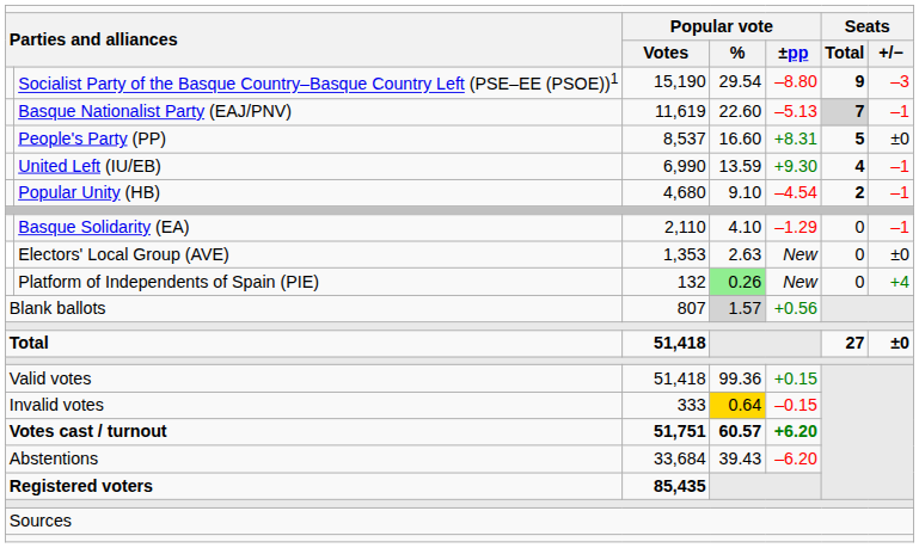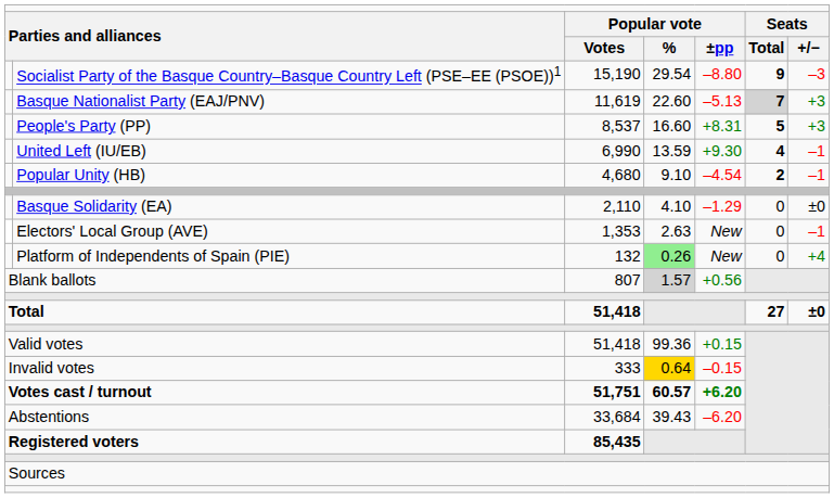 <table class="wikitable" style="text-align:right;">
 <tr>
 <td colspan="7"></td>
 </tr>
 <tr>
 <th style="text-align:left;" rowspan="2" colspan="2" width="525">Parties and alliances</th>
 <th colspan="3">Popular vote</th>
 <th colspan="2">Seats</th>
 </tr>
 <tr>
 <th width="75">Votes</th>
 <th width="45">%</th>
 <th width="45">±<a href='#'>pp</a></th>
 <th width="35">Total</th>
 <th width="35">+/−</th>
 </tr>
 <tr>
 <td width="1" style="color:inherit;background:"></td>
 <td align="left"><a href='#'>Socialist Party of the Basque Country–Basque Country Left</a> (PSE–EE (PSOE))<sup>1</sup></td>
 <td>15,190</td>
 <td>29.54</td>
 <td style="color:red;">–8.80</td>
 <td><strong>9</strong></td>
 <td style="color:red;">–3</td>
 </tr>
 <tr>
 <td style="color:inherit;background:"></td>
 <td align="left"><a href='#'>Basque Nationalist Party</a> (EAJ/PNV)</td>
 <td>11,619</td>
 <td>22.60</td>
 <td style="color:red;">–5.13</td>
 <td style="background: lightgrey;"><strong>7</strong></td>
-<td style="color:red;">–1</td>
+<td style="color:green;">+3</td>
 </tr>
 <tr>
 <td style="color:inherit;background:"></td>
 <td align="left"><a href='#'>People's Party</a> (PP)</td>
 <td>8,537</td>
 <td>16.60</td>
 <td style="color:green;">+8.31</td>
 <td><strong>5</strong></td>
-<td>±0</td>
+<td style="color:green;">+3</td>
 </tr>
 <tr>
 <td style="color:inherit;background:"></td>
 <td align="left"><a href='#'>United Left</a> (IU/EB)</td>
 <td>6,990</td>
 <td>13.59</td>
 <td style="color:green;">+9.30</td>
 <td><strong>4</strong></td>
 <td style="color:red;">–1</td>
 </tr>
 <tr>
 <td style="color:inherit;background:"></td>
 <td align="left"><a href='#'>Popular Unity</a> (HB)</td>
 <td>4,680</td>
 <td>9.10</td>
 <td style="color:red;">–4.54</td>
 <td><strong>2</strong></td>
 <td style="color:red;">–1</td>
 </tr>
 <tr>
 <td colspan="7" bgcolor="#C0C0C0"></td>
 </tr>
 <tr>
 <td style="color:inherit;background:"></td>
 <td align="left"><a href='#'>Basque Solidarity</a> (EA)</td>
 <td>2,110</td>
 <td>4.10</td>
 <td style="color:red;">–1.29</td>
 <td>0</td>
-<td style="color:red;">–1</td>
+<td>±0</td>
 </tr>
 <tr>
 <td bgcolor="white"></td>
 <td align="left">Electors' Local Group (AVE)</td>
 <td>1,353</td>
 <td>2.63</td>
 <td><em>New</em></td>
 <td>0</td>
-<td>±0</td>
+<td style="color:red;">–1</td>
 </tr>
 <tr>
 <td style="color:inherit;background:"></td>
 <td align="left">Platform of Independents of Spain (PIE)</td>
 <td>132</td>
 <td style="background: lightgreen;">0.26</td>
 <td><em>New</em></td>
 <td>0</td>
 <td style="color:green;">+4</td>
 </tr>
 <tr>
 <td align="left" colspan="2">Blank ballots</td>
 <td>807</td>
 <td style="background: lightgrey;">1.57</td>
 <td style="color:green;">+0.56</td>
 <td bgcolor="#E9E9E9" colspan="2"></td>
 </tr>
 <tr>
 <td colspan="7" bgcolor="#E9E9E9"></td>
 </tr>
 <tr style="font-weight:bold;">
 <td align="left" colspan="2">Total</td>
 <td>51,418</td>
 <td bgcolor="#E9E9E9" colspan="2"></td>
 <td>27</td>
 <td>±0</td>
 </tr>
 <tr>
 <td colspan="7" bgcolor="#E9E9E9"></td>
 </tr>
 <tr>
 <td align="left" colspan="2">Valid votes</td>
 <td>51,418</td>
 <td>99.36</td>
 <td style="color:green;">+0.15</td>
 <td bgcolor="#E9E9E9" colspan="2" rowspan="5"></td>
 </tr>
 <tr>
 <td align="left" colspan="2">Invalid votes</td>
 <td>333</td>
 <td style="background: gold;">0.64</td>
 <td style="color:red;">–0.15</td>
 </tr>
 <tr style="font-weight:bold;">
 <td align="left" colspan="2">Votes cast / turnout</td>
 <td>51,751</td>
 <td>60.57</td>
 <td style="color:green;">+6.20</td>
 </tr>
 <tr>
 <td align="left" colspan="2">Abstentions</td>
 <td>33,684</td>
 <td>39.43</td>
 <td style="color:red;">–6.20</td>
 </tr>
 <tr style="font-weight:bold;">
 <td align="left" colspan="2">Registered voters</td>
 <td>85,435</td>
 <td bgcolor="#E9E9E9" colspan="2"></td>
 </tr>
 <tr>
 <td colspan="7" bgcolor="#E9E9E9"></td>
 </tr>
 <tr>
 <td align="left" colspan="7">Sources</td>
 </tr>
 <tr>
 <td colspan="7" style="text-align:left; max-width:790px;"></td>
 </tr>
 </table>
